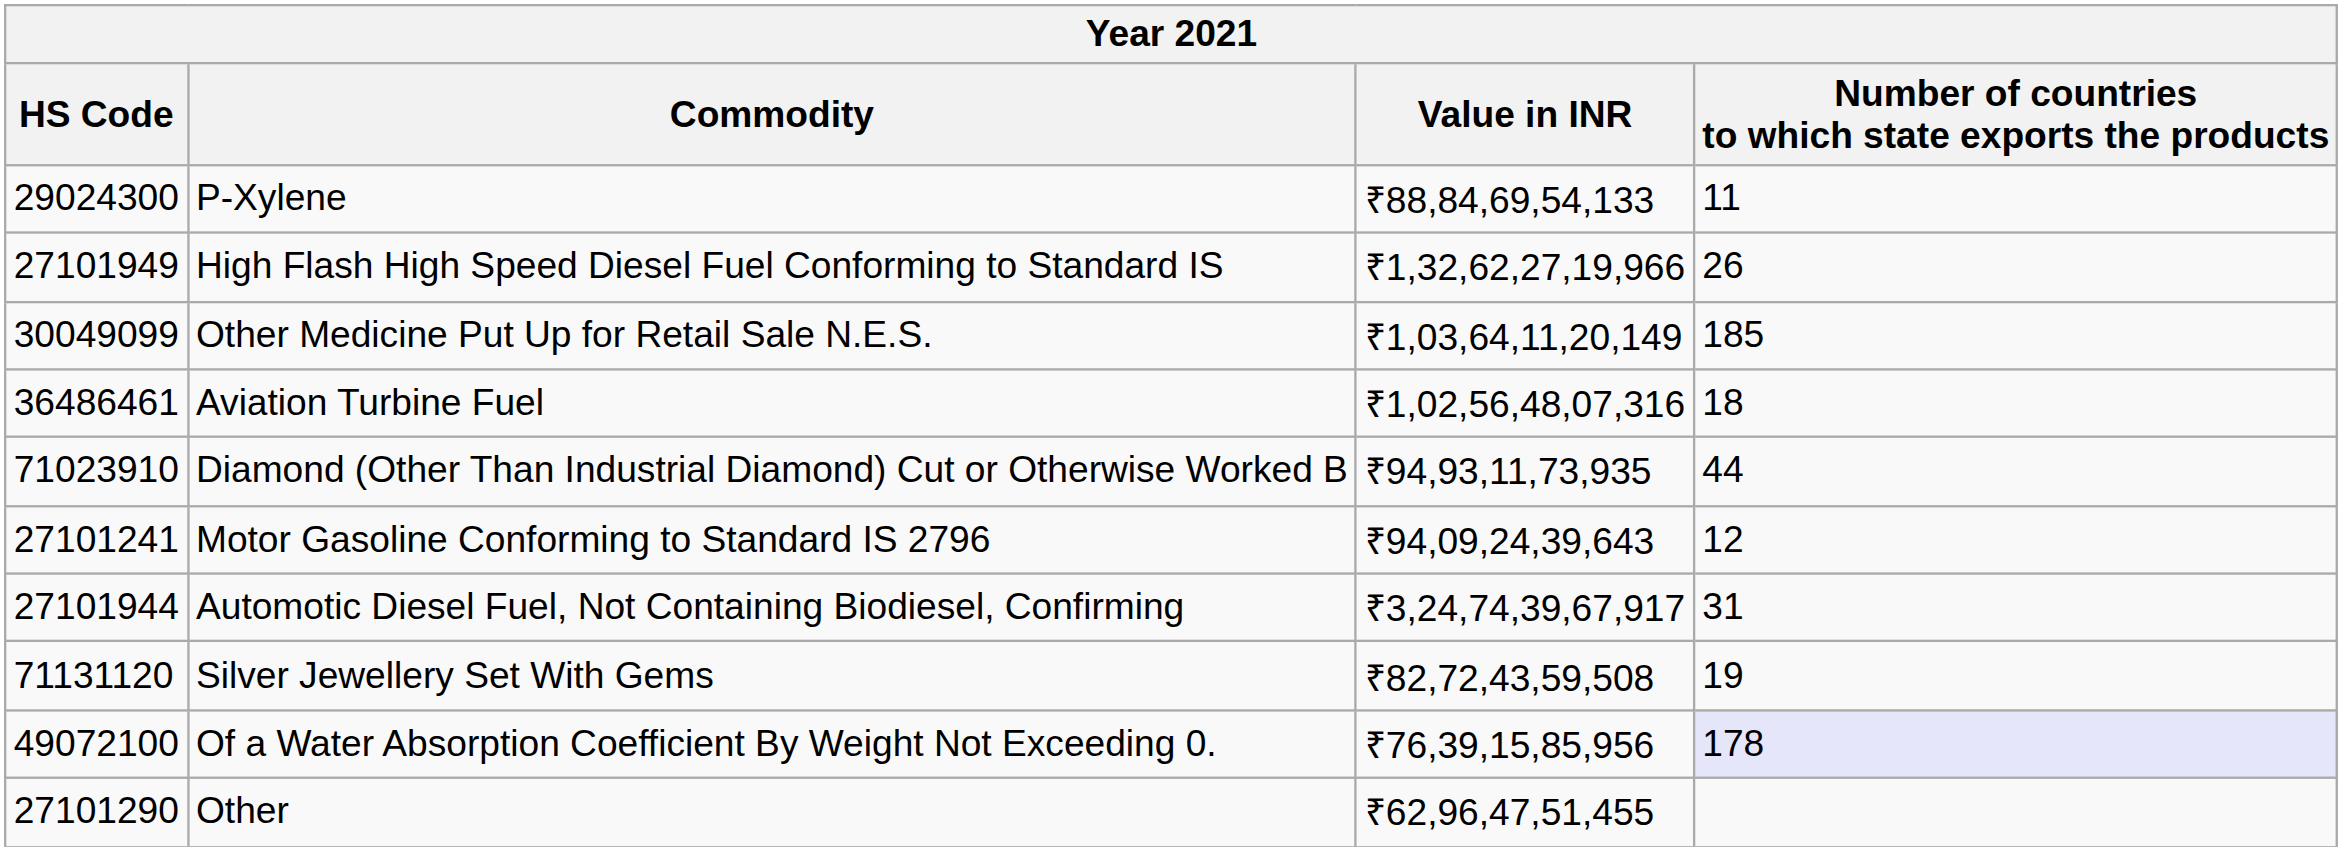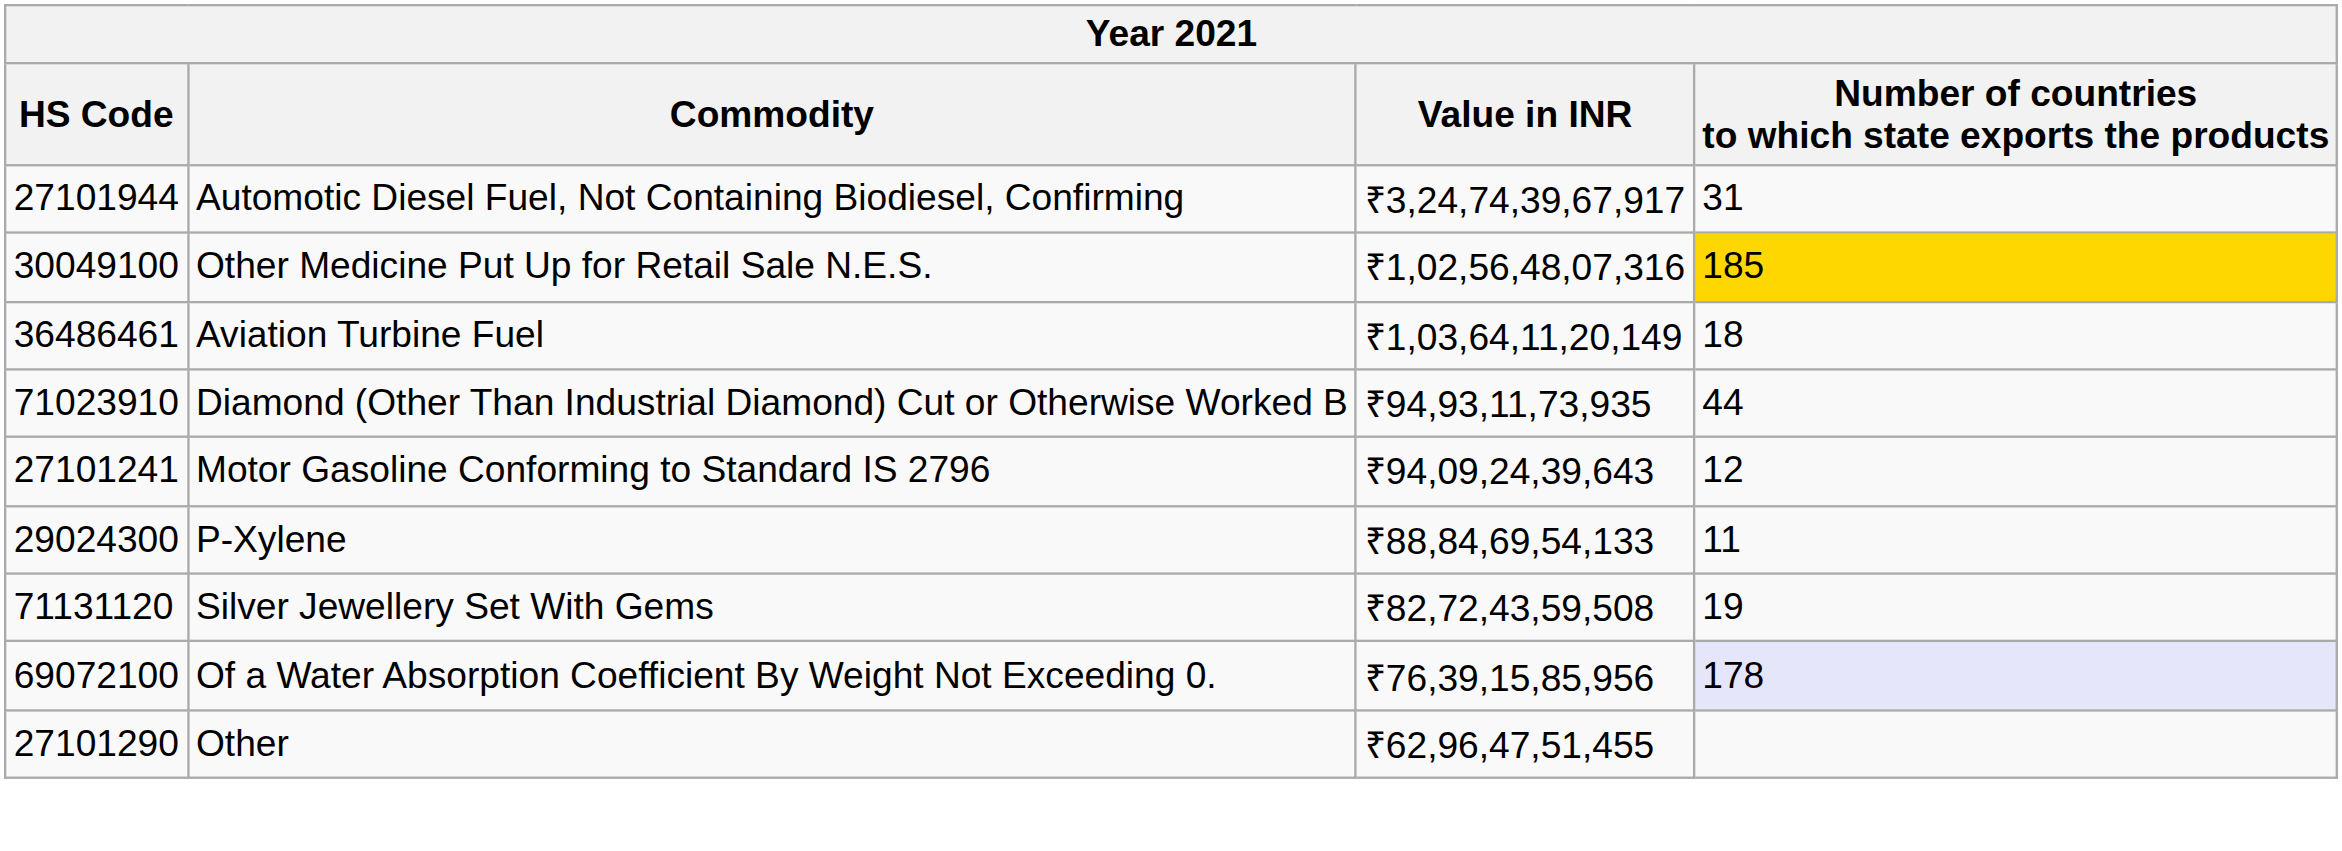 <table class="wikitable">
 <tr>
 <th colspan="4">Year 2021</th>
 </tr>
 <tr>
 <th>HS Code</th>
 <th>Commodity</th>
 <th>Value in INR</th>
 <th>Number of countries<br>to which state  exports the products</th>
 </tr>
 <tr>
-<td>29024300</td>
-<td>P-Xylene</td>
-<td>₹88,84,69,54,133</td>
-<td>11</td>
+<td>27101944</td>
+<td>Automotic Diesel Fuel, Not Containing Biodiesel, Confirming</td>
+<td>₹3,24,74,39,67,917</td>
+<td>31</td>
 </tr>
 <tr>
-<td>27101949</td>
-<td>High Flash High Speed Diesel Fuel Conforming to Standard IS</td>
-<td>₹1,32,62,27,19,966</td>
-<td>26</td>
-</tr>
-<tr>
-<td>30049099</td>
+<td>30049100</td>
 <td>Other Medicine Put Up for Retail Sale N.E.S.</td>
-<td>₹1,03,64,11,20,149</td>
-<td>185</td>
+<td>₹1,02,56,48,07,316</td>
+<td style="background: gold;">185</td>
 </tr>
 <tr>
 <td>36486461</td>
 <td>Aviation Turbine Fuel</td>
-<td>₹1,02,56,48,07,316</td>
+<td>₹1,03,64,11,20,149</td>
 <td>18</td>
 </tr>
 <tr>
 <td>71023910</td>
 <td>Diamond (Other Than Industrial Diamond) Cut or Otherwise Worked B</td>
 <td>₹94,93,11,73,935</td>
 <td>44</td>
 </tr>
 <tr>
 <td>27101241</td>
 <td>Motor Gasoline Conforming to Standard IS 2796</td>
 <td>₹94,09,24,39,643</td>
 <td>12</td>
 </tr>
 <tr>
-<td>27101944</td>
-<td>Automotic Diesel Fuel, Not Containing Biodiesel, Confirming</td>
-<td>₹3,24,74,39,67,917</td>
-<td>31</td>
+<td>29024300</td>
+<td>P-Xylene</td>
+<td>₹88,84,69,54,133</td>
+<td>11</td>
 </tr>
 <tr>
 <td>71131120</td>
 <td>Silver Jewellery Set With Gems</td>
 <td>₹82,72,43,59,508</td>
 <td>19</td>
 </tr>
 <tr>
-<td>49072100</td>
+<td>69072100</td>
 <td>Of a Water Absorption Coefficient By Weight Not Exceeding 0.</td>
 <td>₹76,39,15,85,956</td>
 <td style="background: lavender;">178</td>
 </tr>
 <tr>
 <td>27101290</td>
 <td>Other</td>
 <td>₹62,96,47,51,455</td>
 <td></td>
 </tr>
 </table>
